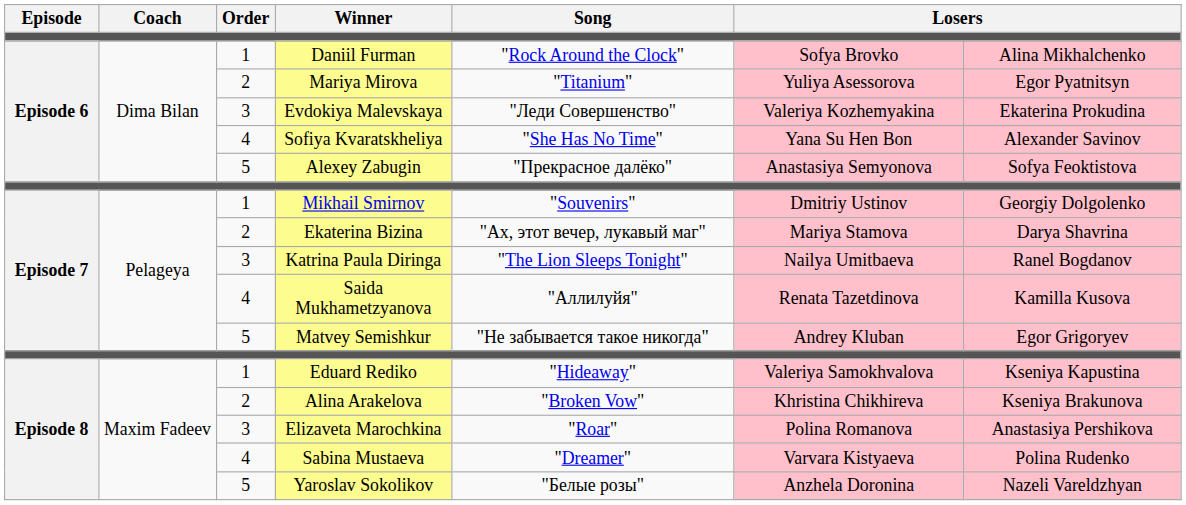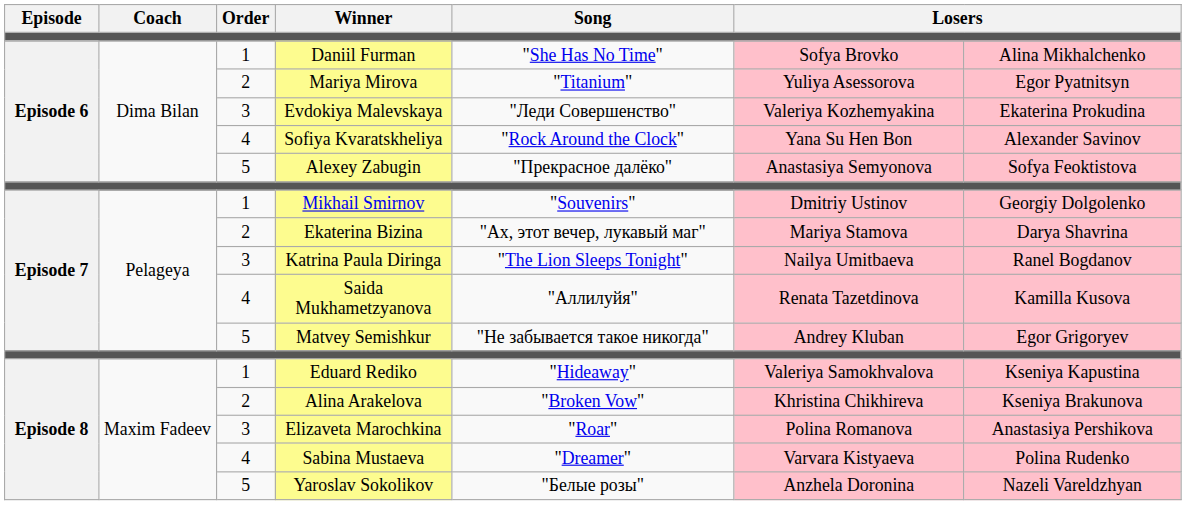 <table class="wikitable" style="text-align: center; width:120%;">
 <tr>
 <th style="width:08%;">Episode</th>
 <th style="width:10%;">Coach</th>
 <th style="width:05%;">Order</th>
 <th style="width:15%;">Winner</th>
 <th style="width:24%;">Song</th>
 <th colspan=2 style="width:29%:">Losers</th>
 </tr>
 <tr>
 <td colspan=7 style="background:#555;"></td>
 </tr>
 <tr>
 <th rowspan=5>Episode 6 <br> </th>
 <td rowspan=5>Dima Bilan</td>
 <td>1</td>
 <td style="background:#fdfc8f">Daniil Furman</td>
-<td>"<a href='#'>Rock Around the Clock</a>"</td>
+<td>"<a href='#'>She Has No Time</a>"</td>
 <td style="background:pink">Sofya Brovko</td>
 <td style="background:pink">Alina Mikhalchenko</td>
 </tr>
 <tr>
 <td>2</td>
 <td style="background:#fdfc8f;">Mariya Mirova</td>
 <td>"<a href='#'>Titanium</a>"</td>
 <td style="background:pink">Yuliya Asessorova</td>
 <td style="background:pink">Egor Pyatnitsyn</td>
 </tr>
 <tr>
 <td>3</td>
 <td style="background:#fdfc8f">Evdokiya Malevskaya</td>
 <td>"Леди Совершенство"</td>
 <td style="background:pink">Valeriya Kozhemyakina</td>
 <td style="background:pink">Ekaterina Prokudina</td>
 </tr>
 <tr>
 <td>4</td>
 <td style="background:#fdfc8f">Sofiya Kvaratskheliya</td>
-<td>"<a href='#'>She Has No Time</a>"</td>
+<td>"<a href='#'>Rock Around the Clock</a>"</td>
 <td style="background:pink">Yana Su Hen Bon</td>
 <td style="background:pink">Alexander Savinov</td>
 </tr>
 <tr>
 <td>5</td>
 <td style="background:#fdfc8f">Alexey Zabugin</td>
 <td>"Прекрасное далёко"</td>
 <td style="background:pink">Anastasiya Semyonova</td>
 <td style="background:pink">Sofya Feoktistova</td>
 </tr>
 <tr>
 <td colspan="7" style="background:#555;"></td>
 </tr>
 <tr>
 <th rowspan=5>Episode 7 <br> </th>
 <td rowspan=5>Pelageya</td>
 <td>1</td>
 <td style="background:#fdfc8f;"><a href='#'>Mikhail Smirnov</a></td>
 <td>"<a href='#'>Souvenirs</a>"</td>
 <td style="background:pink">Dmitriy Ustinov</td>
 <td style="background:pink">Georgiy Dolgolenko</td>
 </tr>
 <tr>
 <td>2</td>
 <td style="background:#fdfc8f;">Ekaterina Bizina</td>
 <td>"Ах, этот вечер, лукавый маг"</td>
 <td style="background:pink">Mariya Stamova</td>
 <td style="background:pink">Darya Shavrina</td>
 </tr>
 <tr>
 <td>3</td>
 <td style="background:#fdfc8f;">Katrina Paula Diringa</td>
 <td>"<a href='#'>The Lion Sleeps Tonight</a>"</td>
 <td style="background:pink">Nailya Umitbaeva</td>
 <td style="background:pink">Ranel Bogdanov</td>
 </tr>
 <tr>
 <td>4</td>
 <td style="background:#fdfc8f;">Saida Mukhametzyanova</td>
 <td>"Аллилуйя"</td>
 <td style="background:pink">Renata Tazetdinova</td>
 <td style="background:pink">Kamilla Kusova</td>
 </tr>
 <tr>
 <td>5</td>
 <td style="background:#fdfc8f;">Matvey Semishkur</td>
 <td>"Не забывается такое никогда"</td>
 <td style="background:pink">Andrey Kluban</td>
 <td style="background:pink">Egor Grigoryev</td>
 </tr>
 <tr>
 <td colspan="7" style="background:#555;"></td>
 </tr>
 <tr>
 <th rowspan=5>Episode 8 <br> </th>
 <td rowspan=5>Maxim Fadeev</td>
 <td>1</td>
 <td style="background:#fdfc8f;">Eduard Rediko</td>
 <td>"<a href='#'>Hideaway</a>"</td>
 <td style="background:pink">Valeriya Samokhvalova</td>
 <td style="background:pink">Kseniya Kapustina</td>
 </tr>
 <tr>
 <td>2</td>
 <td style="background:#fdfc8f;">Alina Arakelova</td>
 <td>"<a href='#'>Broken Vow</a>"</td>
 <td style="background:pink">Khristina Chikhireva</td>
 <td style="background:pink">Kseniya Brakunova</td>
 </tr>
 <tr>
 <td>3</td>
 <td style="background:#fdfc8f;">Elizaveta Marochkina</td>
 <td>"<a href='#'>Roar</a>"</td>
 <td style="background:pink">Polina Romanova</td>
 <td style="background:pink">Anastasiya Pershikova</td>
 </tr>
 <tr>
 <td>4</td>
 <td style="background:#fdfc8f;">Sabina Mustaeva</td>
 <td>"<a href='#'>Dreamer</a>"</td>
 <td style="background:pink">Varvara Kistyaeva</td>
 <td style="background:pink">Polina Rudenko</td>
 </tr>
 <tr>
 <td>5</td>
 <td style="background:#fdfc8f;">Yaroslav Sokolikov</td>
 <td>"Белые розы"</td>
 <td style="background:pink">Anzhela Doronina</td>
 <td style="background:pink">Nazeli Vareldzhyan</td>
 </tr>
 </table>
